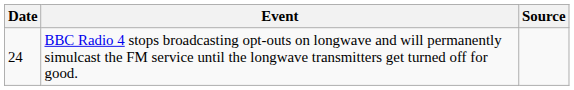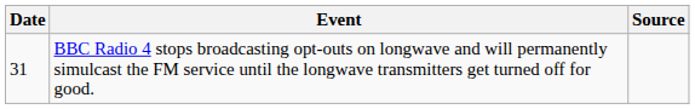 <table class=wikitable>
 <tr>
 <th>Date</th>
 <th>Event</th>
 <th>Source</th>
 </tr>
 <tr>
-<td>24</td>
+<td>31</td>
 <td><a href='#'>BBC Radio 4</a> stops broadcasting opt-outs on longwave and will permanently simulcast the FM service until the longwave transmitters get turned off for good.</td>
 <td></td>
 </tr>
 </table>
